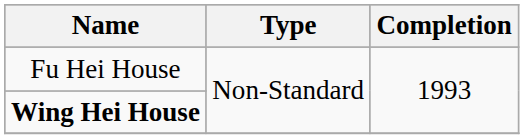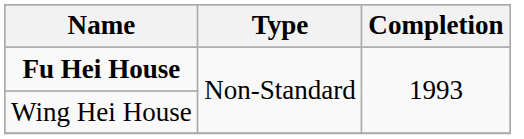 <table class="wikitable" style="text-align: center">
 <tr>
 <th>Name</th>
 <th>Type</th>
 <th>Completion</th>
 </tr>
 <tr>
-<td>Fu Hei House</td>
+<td><strong>Fu Hei House</strong></td>
 <td rowspan="2">Non-Standard</td>
 <td rowspan="2">1993</td>
 </tr>
 <tr>
-<td><strong>Wing Hei House</strong></td>
+<td>Wing Hei House</td>
 </tr>
 <tr>
 </tr>
 </table>
